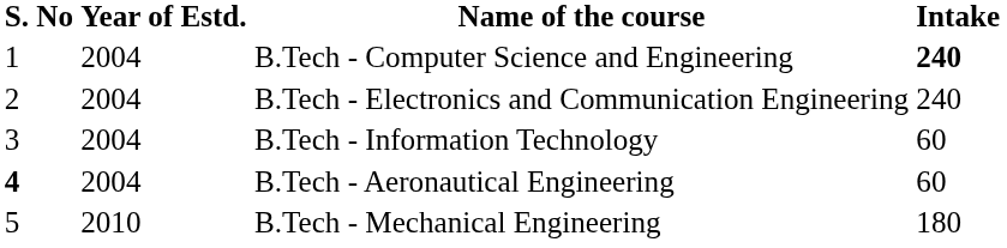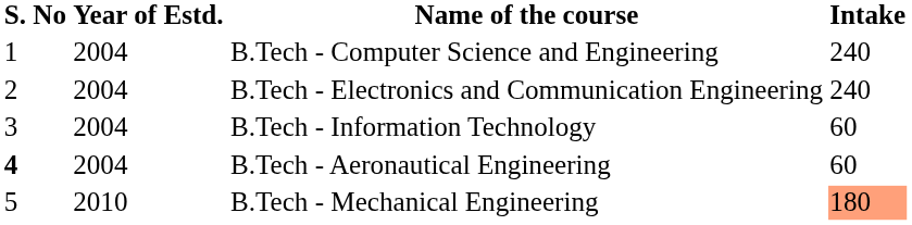 <table>
 <tr>
 <th>S. No</th>
 <th>Year of Estd.</th>
 <th>Name of the course</th>
 <th>Intake</th>
 </tr>
 <tr>
 <td>1</td>
 <td>2004</td>
 <td>B.Tech - Computer Science and Engineering</td>
-<td><strong>240</strong></td>
+<td>240</td>
 </tr>
 <tr>
 <td>2</td>
 <td>2004</td>
 <td>B.Tech - Electronics and Communication Engineering</td>
 <td>240</td>
 </tr>
 <tr>
 <td>3</td>
 <td>2004</td>
 <td>B.Tech - Information Technology</td>
 <td>60</td>
 </tr>
 <tr>
 <td><strong>4</strong></td>
 <td>2004</td>
 <td>B.Tech - Aeronautical Engineering</td>
 <td>60</td>
 </tr>
 <tr>
 <td>5</td>
 <td>2010</td>
 <td>B.Tech - Mechanical Engineering</td>
-<td>180</td>
+<td style="background: lightsalmon;">180</td>
 </tr>
 <tr>
 </tr>
 </table>
